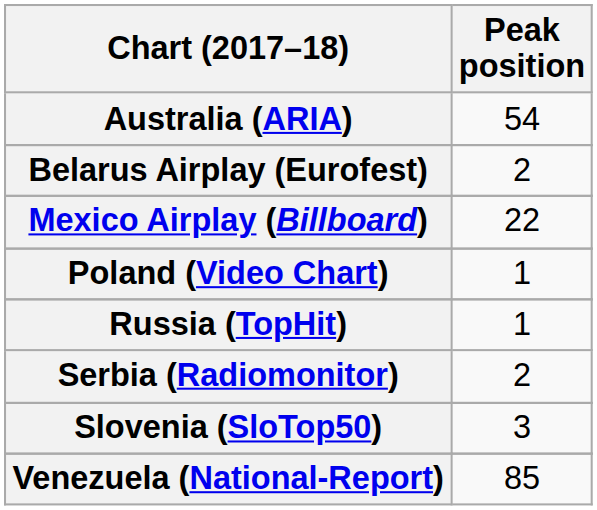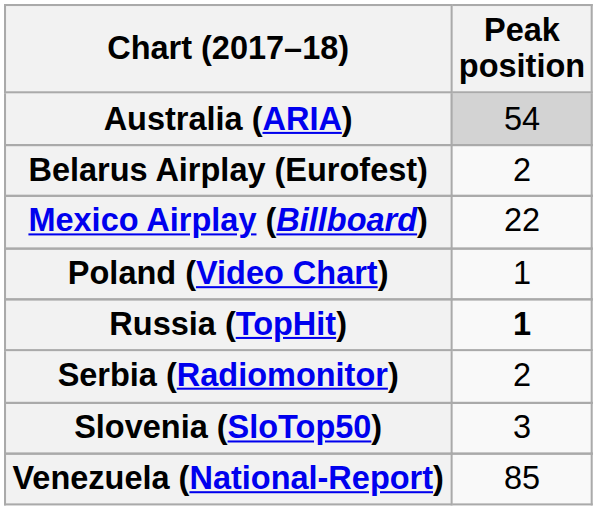 <table class="wikitable sortable plainrowheaders" style="text-align:center">
 <tr>
 <th scope="col">Chart (2017–18)</th>
 <th scope="col">Peak<br>position</th>
 </tr>
 <tr>
 <th scope="row">Australia (<a href='#'>ARIA</a>)</th>
-<td>54</td>
+<td style="background: lightgrey;">54</td>
 </tr>
 <tr>
 </tr>
 <tr>
 <th scope="row">Belarus Airplay (Eurofest)</th>
 <td>2</td>
 </tr>
 <tr>
 </tr>
 <tr>
 </tr>
 <tr>
 </tr>
 <tr>
 </tr>
 <tr>
 </tr>
 <tr>
 </tr>
 <tr>
 </tr>
 <tr>
 </tr>
 <tr>
 </tr>
 <tr>
 </tr>
 <tr>
 <th scope="row"><a href='#'>Mexico Airplay</a> (<em><a href='#'>Billboard</a></em>)</th>
 <td>22</td>
 </tr>
 <tr>
 </tr>
 <tr>
 </tr>
 <tr>
 <th scope="row">Poland (<a href='#'>Video Chart</a>)</th>
 <td>1</td>
 </tr>
 <tr>
 </tr>
 <tr>
 <th scope="row">Russia (<a href='#'>TopHit</a>)</th>
-<td>1</td>
+<td><strong>1</strong></td>
 </tr>
 <tr>
 <th scope="row">Serbia (<a href='#'>Radiomonitor</a>)</th>
 <td>2</td>
 </tr>
 <tr>
 </tr>
 <tr>
 <th scope="row">Slovenia (<a href='#'>SloTop50</a>)</th>
 <td>3</td>
 </tr>
 <tr>
 </tr>
 <tr>
 </tr>
 <tr>
 <th scope="row">Venezuela (<a href='#'>National-Report</a>)</th>
 <td>85</td>
 </tr>
 </table>
